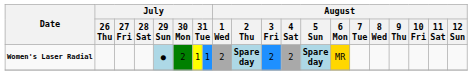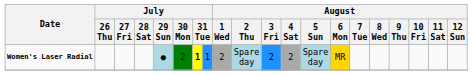 <table class="wikitable" style="margin:0.5em auto; font-size:90%; line-height:1.25em;">
 <tr>
 <th rowspan=2>Date</th>
 <th colspan=7>July</th>
 <th colspan=12>August</th>
 </tr>
 <tr>
 <th>26<br>Thu</th>
 <th>27<br>Fri</th>
 <th>28<br>Sat</th>
 <th>29<br>Sun</th>
 <th>30<br>Mon</th>
 <th colspan=2>31<br>Tue</th>
 <th>1<br>Wed</th>
 <th>2<br>Thu</th>
 <th>3<br>Fri</th>
 <th>4<br>Sat</th>
 <th>5<br>Sun</th>
 <th>6<br>Mon</th>
 <th>7<br>Tue</th>
 <th>8<br>Wed</th>
 <th>9<br>Thu</th>
 <th>10<br>Fri</th>
 <th>11<br>Sat</th>
 <th>12<br>Sun</th>
 </tr>
 <tr align="center">
 <td align="right"><small><strong>Women's Laser Radial</strong></small></td>
 <td></td>
 <td></td>
 <td></td>
 <td bgcolor=LightBlue><span> ● </span></td>
 <td bgcolor=Green><span> 2 </span></td>
-<td bgcolor=Yellow><span> 1 </span></td>
+<td bgcolor=Yellow><strong><span> 1 </span></strong></td>
 <td bgcolor=DodgerBlue><span> 1 </span></td>
 <td bgcolor=DarkGrey><span> 2 </span></td>
-<td bgcolor=LightBlue><strong><span> Spare<br>day </span></strong></td>
+<td bgcolor=LightBlue><span> Spare<br>day </span></td>
 <td bgcolor=DodgerBlue><span> 2 </span></td>
 <td bgcolor=DarkGrey><span> 2 </span></td>
-<td bgcolor=LightBlue><strong><span> Spare<br>day </span></strong></td>
+<td bgcolor=LightBlue><span> Spare<br>day </span></td>
 <td bgcolor=Gold><span> MR </span></td>
 <td></td>
 <td></td>
 <td></td>
 <td></td>
 <td></td>
 <td></td>
 </tr>
 <tr>
 </tr>
 </table>
